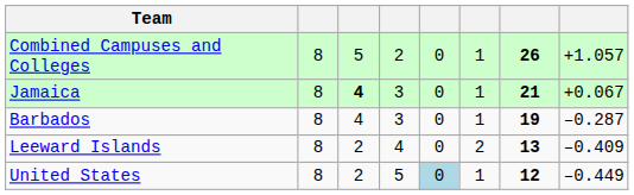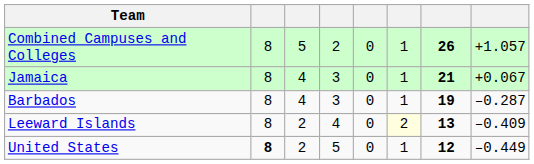 <table class="wikitable" style="text-align:center">
 <tr>
 <th width=220>Team</th>
 <th width=25></th>
 <th width=25></th>
 <th width=25></th>
 <th width=25></th>
 <th width=25></th>
 <th width=40></th>
 <th width=40></th>
 </tr>
 <tr style="background-color:#cfc">
 <td style="text-align:left;"><a href='#'>Combined Campuses and Colleges</a></td>
 <td>8</td>
 <td>5</td>
 <td>2</td>
 <td>0</td>
 <td>1</td>
 <td><strong>26</strong></td>
 <td>+1.057</td>
 </tr>
 <tr style="background-color:#cfc">
 <td style="text-align:left;"><a href='#'>Jamaica</a></td>
 <td>8</td>
-<td><strong>4</strong></td>
+<td>4</td>
 <td>3</td>
 <td>0</td>
 <td>1</td>
 <td><strong>21</strong></td>
 <td>+0.067</td>
 </tr>
 <tr>
 <td style="text-align:left;"><a href='#'>Barbados</a></td>
 <td>8</td>
 <td>4</td>
 <td>3</td>
 <td>0</td>
 <td>1</td>
 <td><strong>19</strong></td>
 <td>–0.287</td>
 </tr>
 <tr>
 <td style="text-align:left;"><a href='#'>Leeward Islands</a></td>
 <td>8</td>
 <td>2</td>
 <td>4</td>
 <td>0</td>
-<td>2</td>
+<td style="background: lightyellow;">2</td>
 <td><strong>13</strong></td>
 <td>–0.409</td>
 </tr>
 <tr>
 <td style="text-align:left;"><a href='#'>United States</a></td>
-<td>8</td>
+<td><strong>8</strong></td>
 <td>2</td>
 <td>5</td>
-<td style="background: lightblue;">0</td>
+<td>0</td>
 <td>1</td>
 <td><strong>12</strong></td>
 <td>–0.449</td>
 </tr>
 </table>
